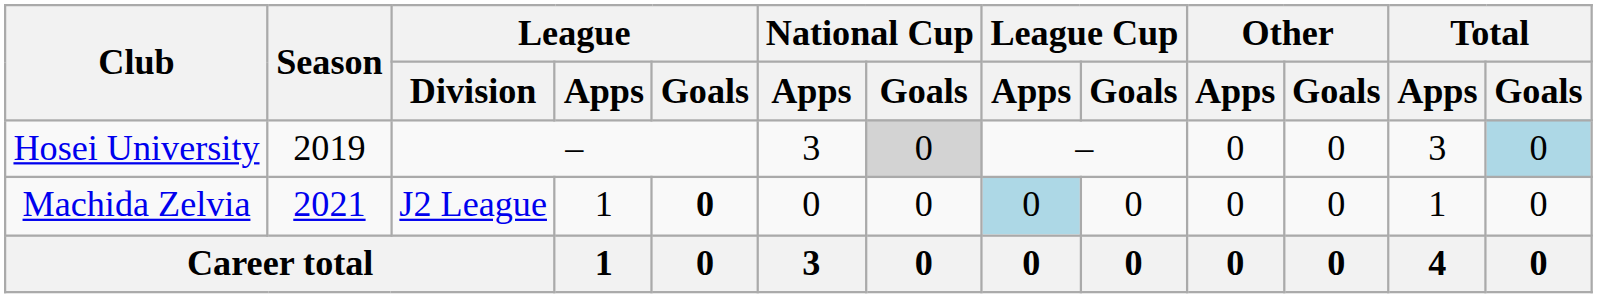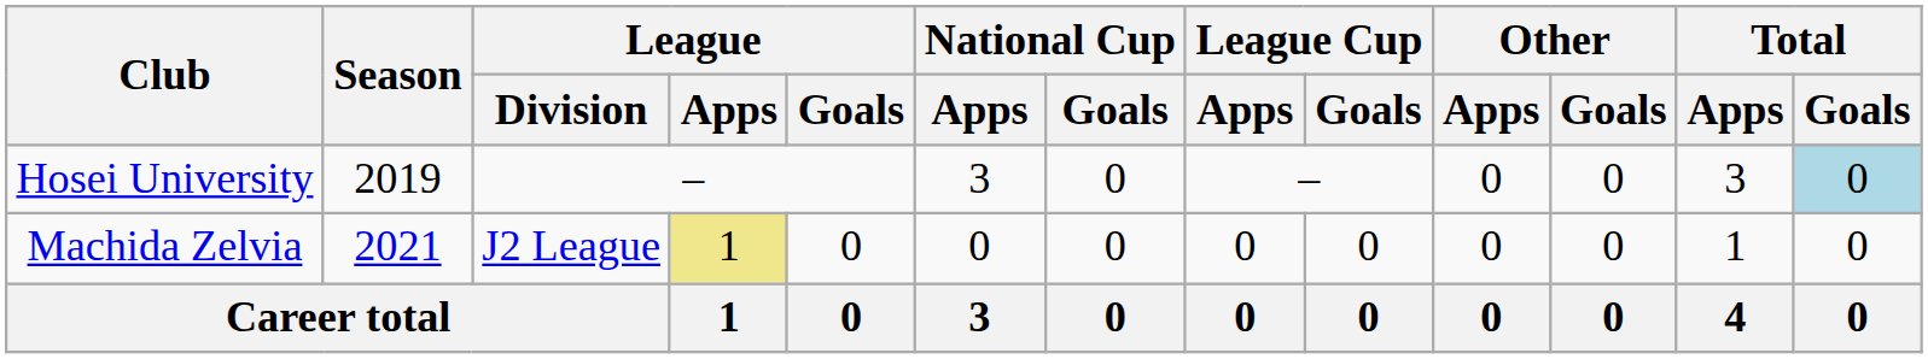 <table class="wikitable" style="text-align: center">
 <tr>
 <th rowspan="2">Club</th>
 <th rowspan="2">Season</th>
 <th colspan="3">League</th>
 <th colspan="2">National Cup</th>
 <th colspan="2">League Cup</th>
 <th colspan="2">Other</th>
 <th colspan="2">Total</th>
 </tr>
 <tr>
 <th>Division</th>
 <th>Apps</th>
 <th>Goals</th>
 <th>Apps</th>
 <th>Goals</th>
 <th>Apps</th>
 <th>Goals</th>
 <th>Apps</th>
 <th>Goals</th>
 <th>Apps</th>
 <th>Goals</th>
 </tr>
 <tr>
 <td><a href='#'>Hosei University</a></td>
 <td>2019</td>
 <td colspan="3">–</td>
 <td>3</td>
-<td style="background: lightgrey;">0</td>
+<td>0</td>
 <td colspan="2">–</td>
 <td>0</td>
 <td>0</td>
 <td>3</td>
 <td style="background: lightblue;">0</td>
 </tr>
 <tr>
 <td><a href='#'>Machida Zelvia</a></td>
 <td><a href='#'>2021</a></td>
 <td><a href='#'>J2 League</a></td>
-<td>1</td>
-<td><strong>0</strong></td>
+<td style="background: khaki;">1</td>
 <td>0</td>
 <td>0</td>
-<td style="background: lightblue;">0</td>
+<td>0</td>
+<td>0</td>
 <td>0</td>
 <td>0</td>
 <td>0</td>
 <td>1</td>
 <td>0</td>
 </tr>
 <tr>
 <th colspan=3>Career total</th>
 <th>1</th>
 <th>0</th>
 <th>3</th>
 <th>0</th>
 <th>0</th>
 <th>0</th>
 <th>0</th>
 <th>0</th>
 <th>4</th>
 <th>0</th>
 </tr>
 </table>
